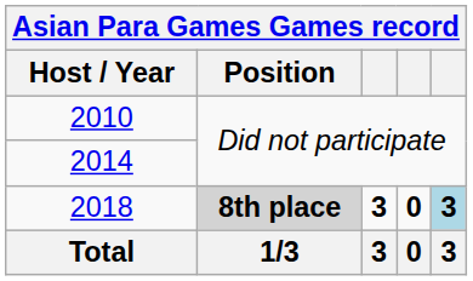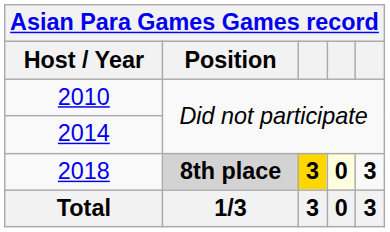 <table class="wikitable" style="text-align: center;">
 <tr>
 <th colspan=9><a href='#'>Asian Para Games Games record</a></th>
 </tr>
 <tr>
 <th>Host / Year</th>
 <th>Position</th>
 <th></th>
 <th></th>
 <th></th>
 </tr>
 <tr>
 <td> <a href='#'>2010</a></td>
 <td colspan=9 rowspan="2"><em>Did not participate</em></td>
 </tr>
 <tr>
 <td> <a href='#'>2014</a></td>
 </tr>
 <tr>
 <td> <a href='#'>2018</a></td>
 <td style="background: lightgrey;"><strong>8th place</strong></td>
+<td style="background: gold;"><strong>3</strong></td>
+<td style="background: lightyellow;"><strong>0</strong></td>
 <td><strong>3</strong></td>
-<td><strong>0</strong></td>
-<td style="background: lightblue;"><strong>3</strong></td>
 </tr>
 <tr>
 <th>Total</th>
 <th>1/3</th>
 <th>3</th>
 <th>0</th>
 <th>3</th>
 </tr>
 </table>
